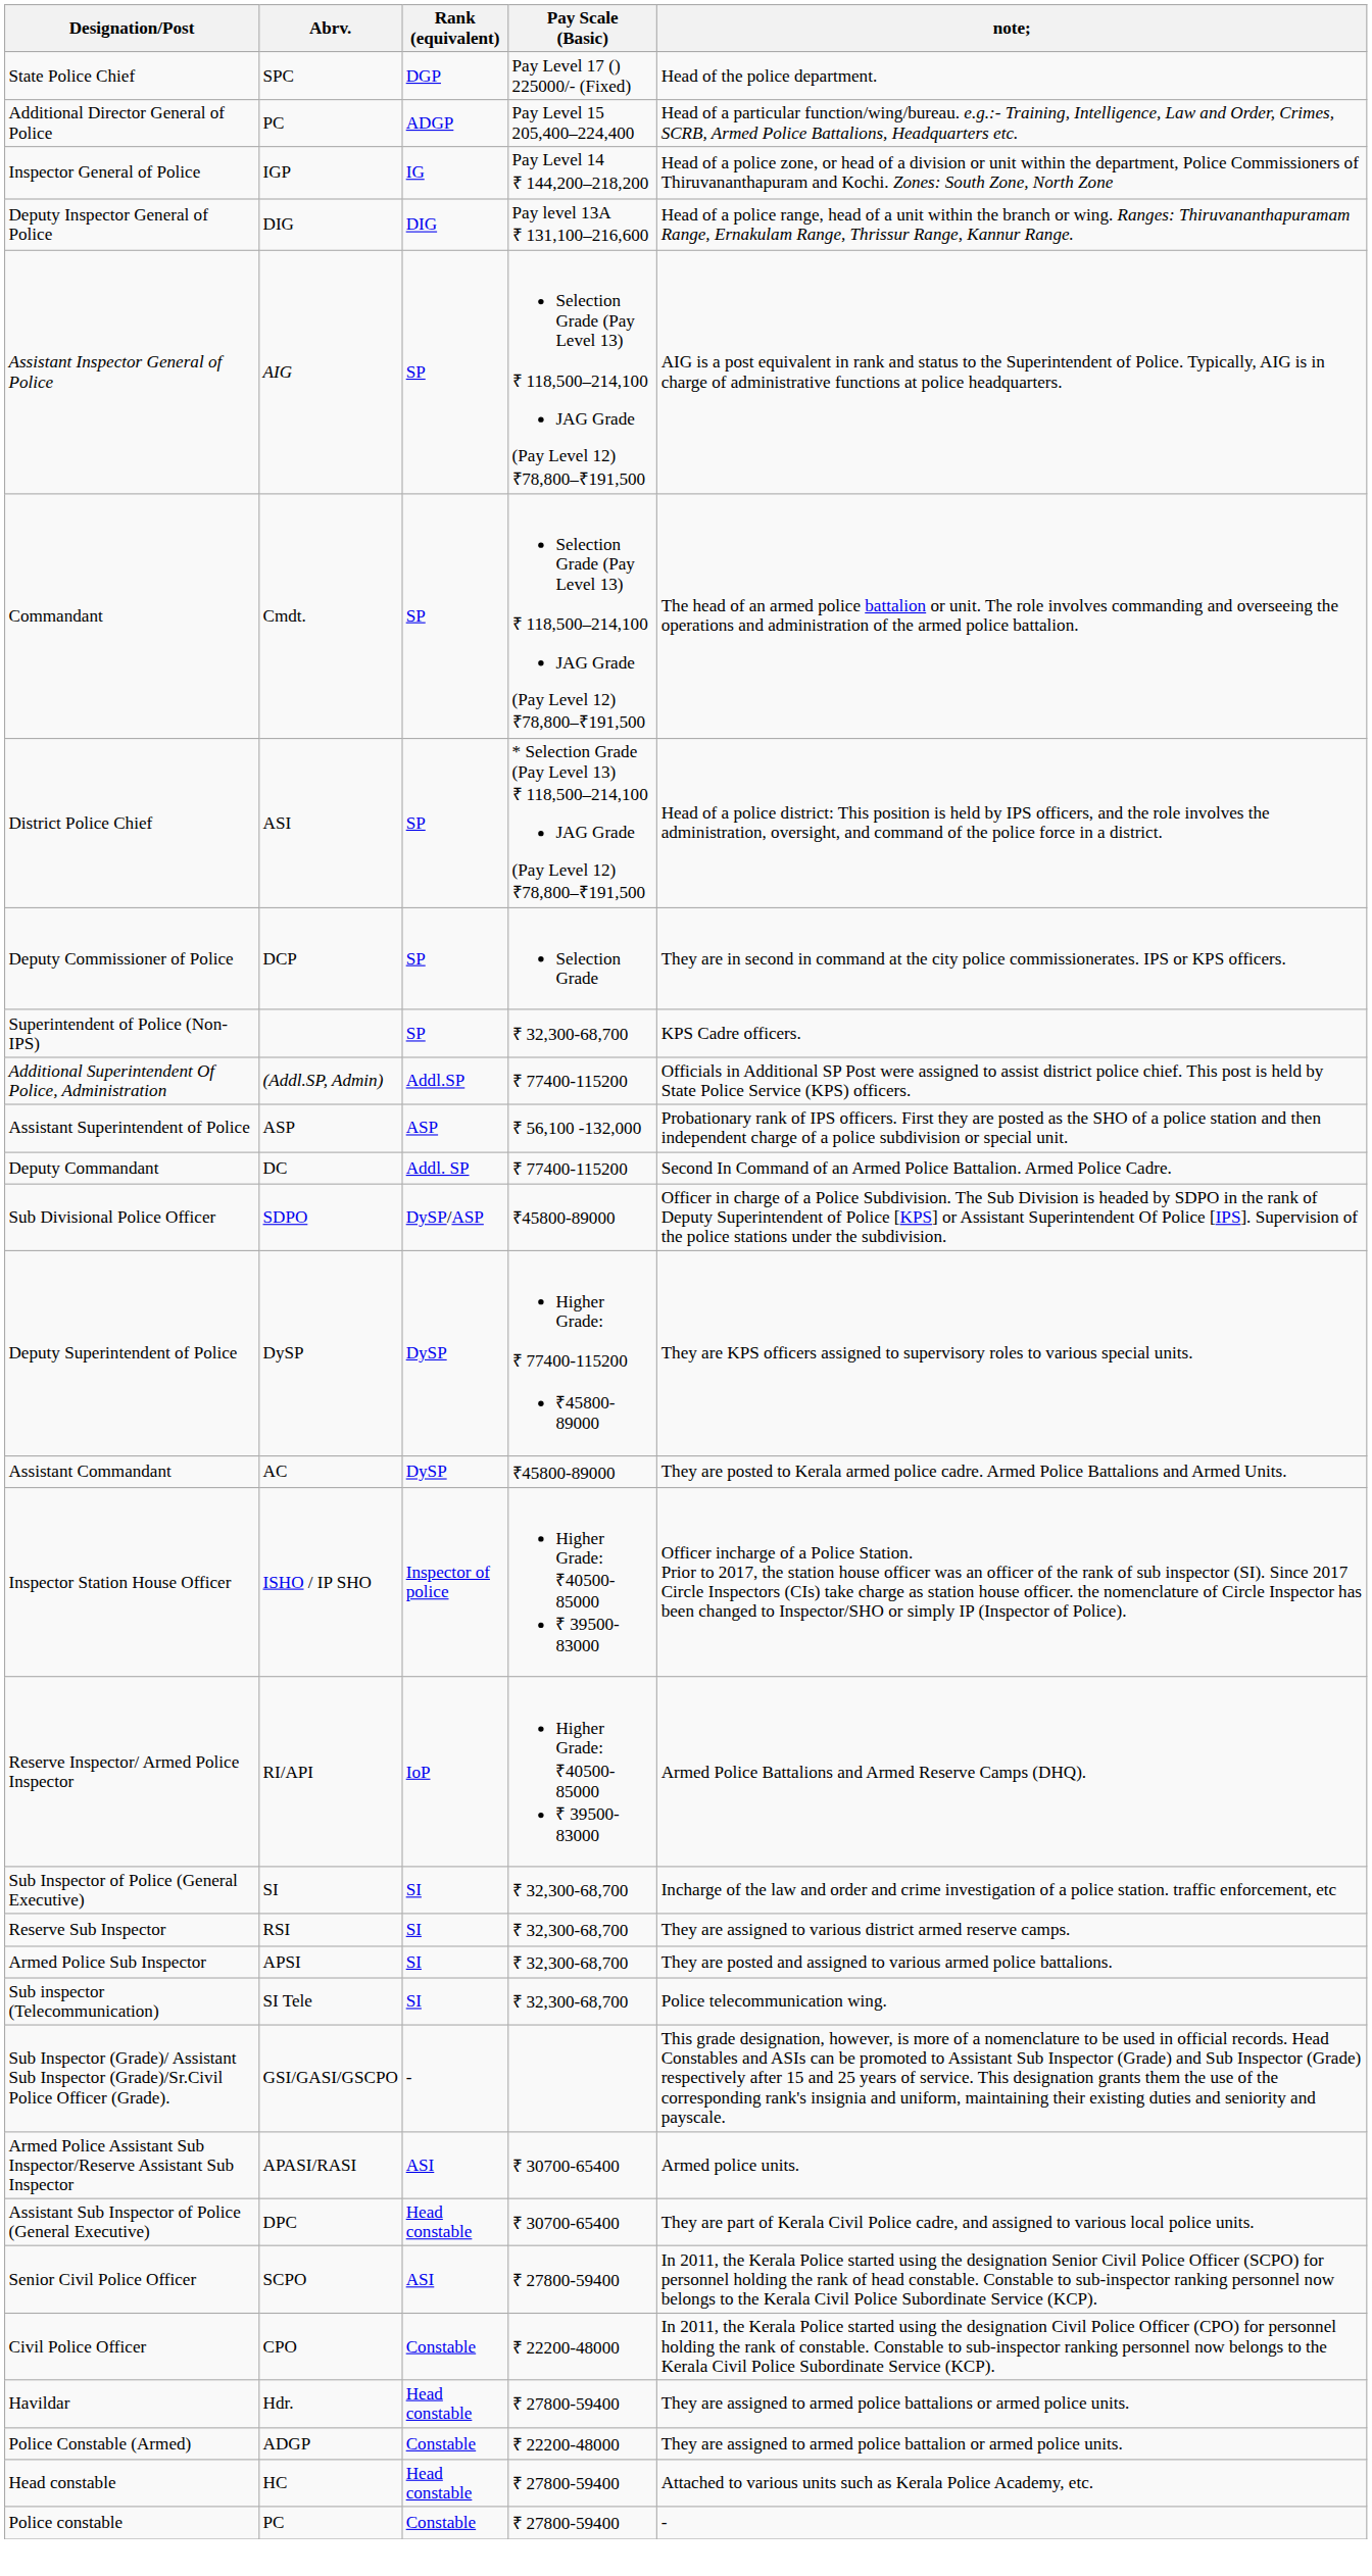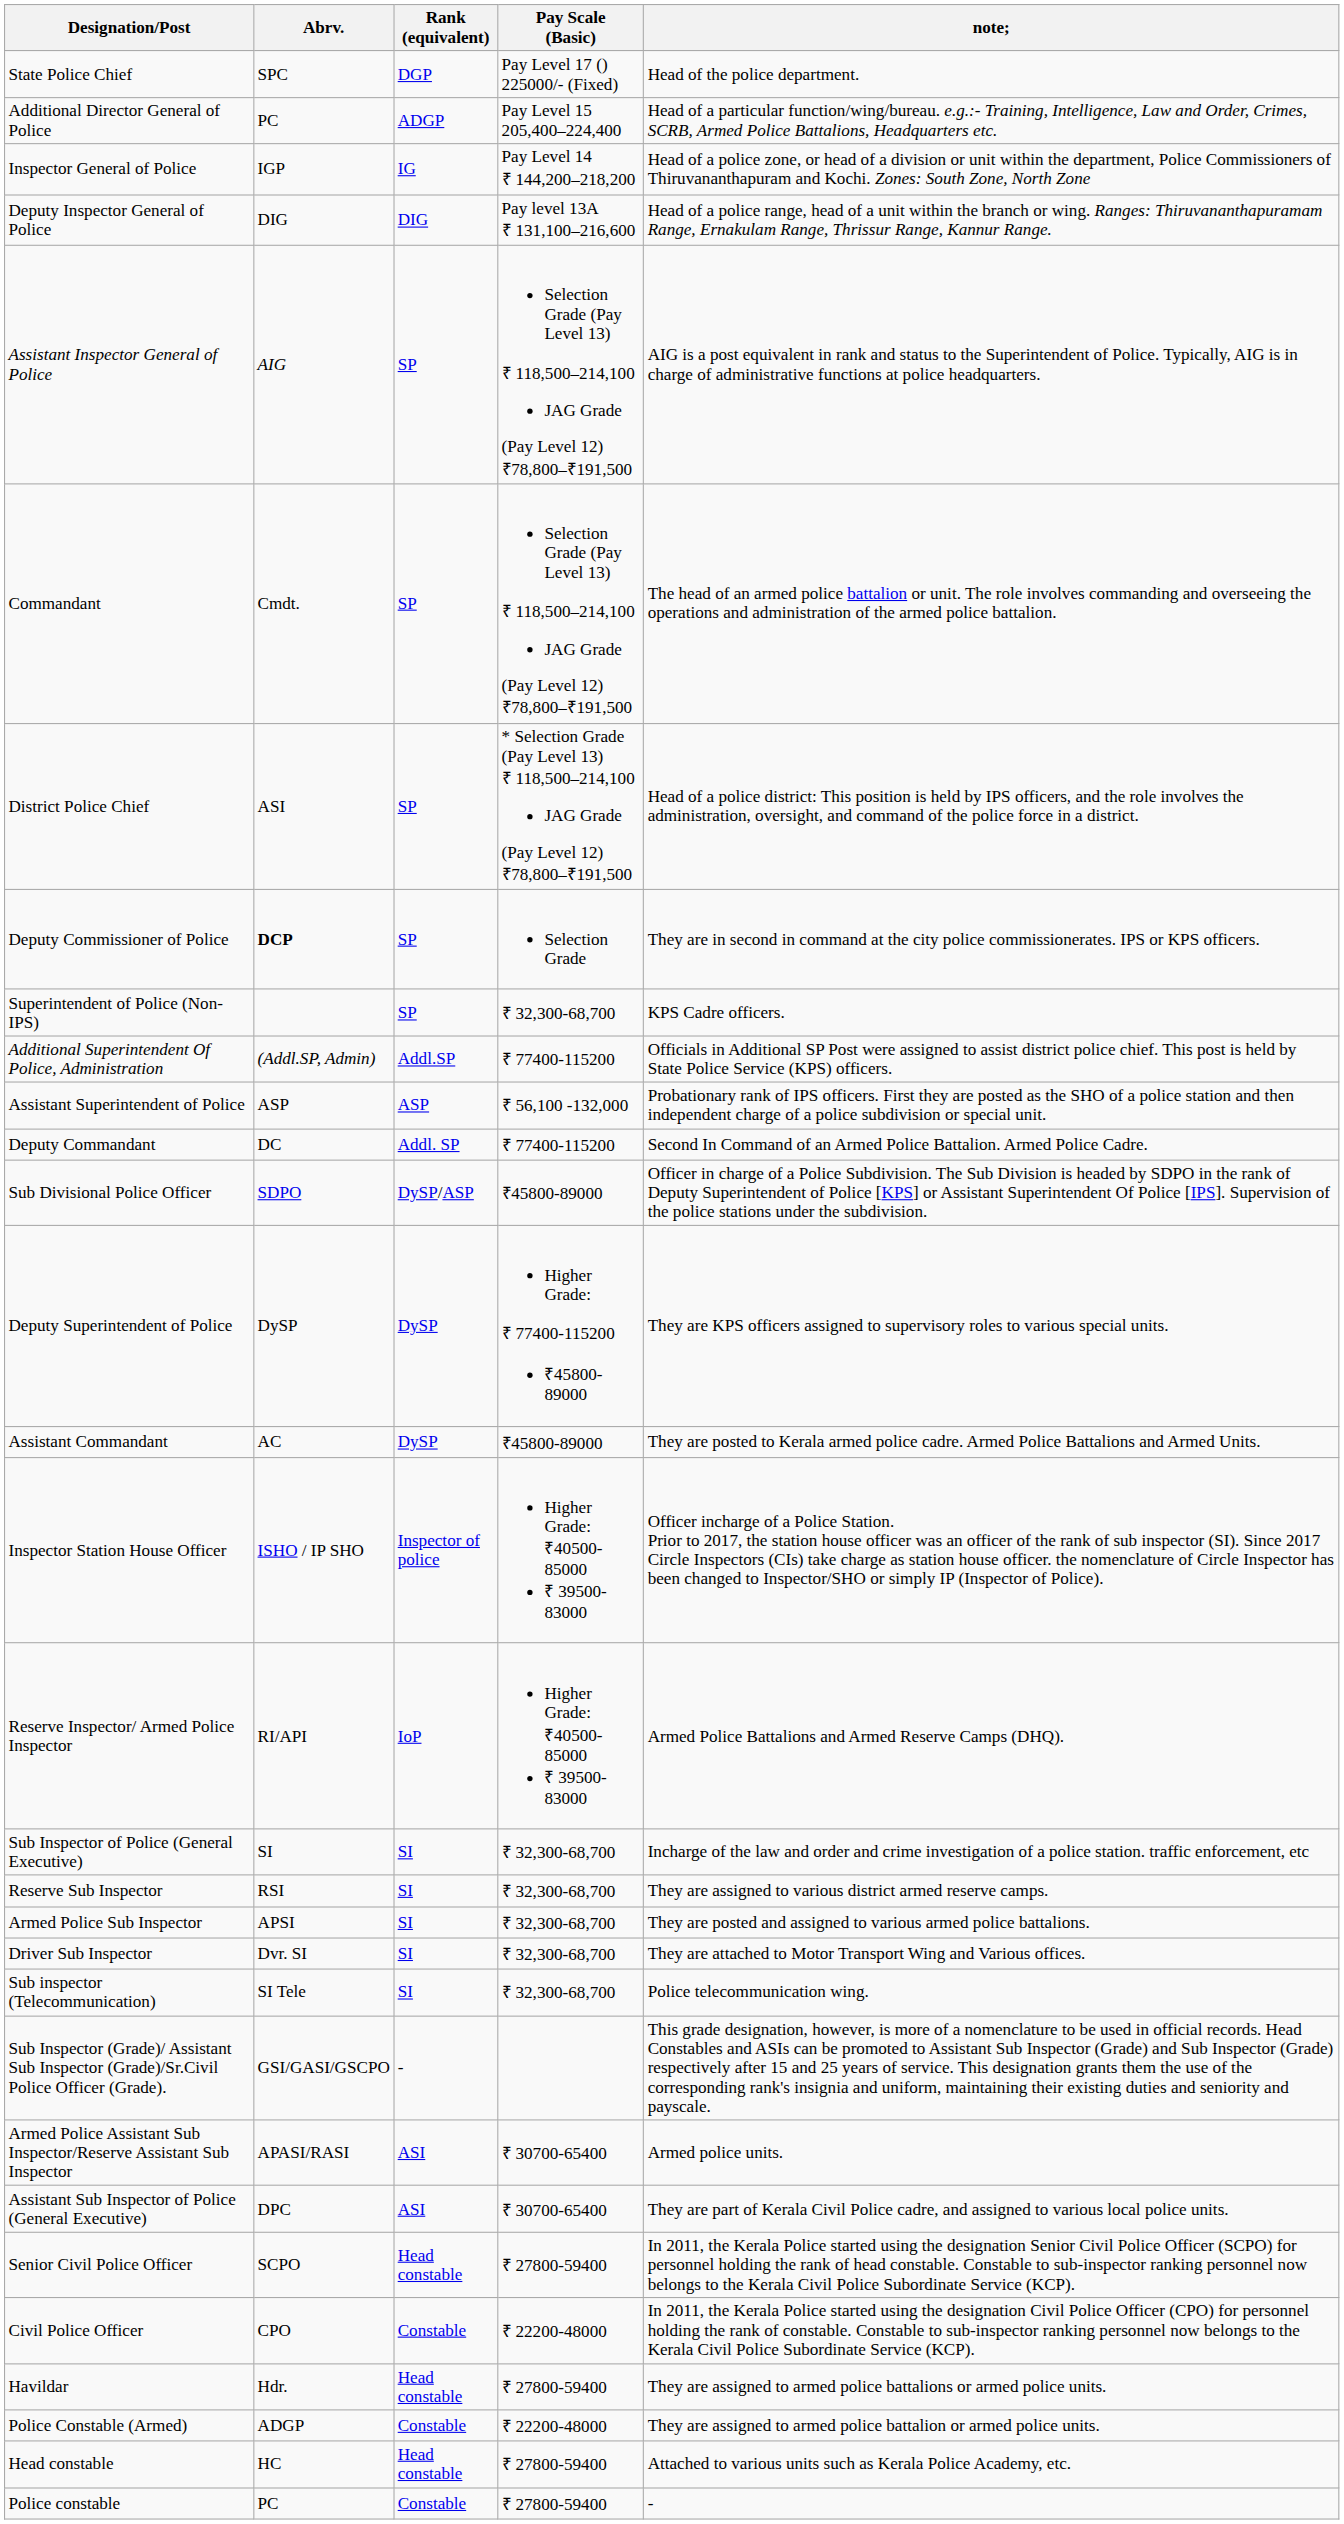 <table class="wikitable">
 <tr>
 <th>Designation/Post</th>
 <th>Abrv.</th>
 <th>Rank<br>(equivalent)</th>
 <th>Pay Scale<br>(Basic)<br></th>
 <th>note;</th>
 </tr>
 <tr>
 <td>State Police Chief</td>
 <td>SPC</td>
 <td><a href='#'>DGP</a></td>
 <td>Pay Level 17 ()<br>225000/- (Fixed)</td>
 <td>Head of the police department.</td>
 </tr>
 <tr>
 <td>Additional Director General of Police</td>
 <td>PC</td>
 <td><a href='#'>ADGP</a></td>
 <td>Pay Level 15<br>205,400–224,400 </td>
 <td>Head of a particular function/wing/bureau. <em>e.g.:- Training, Intelligence, Law and Order, Crimes, SCRB, Armed Police Battalions, Headquarters etc.</em></td>
 </tr>
 <tr>
 <td>Inspector General of Police</td>
 <td>IGP</td>
 <td><a href='#'>IG</a></td>
 <td>Pay Level 14<br>₹ 144,200–218,200 </td>
 <td>Head of a police zone, or head of a division or unit within the department, Police Commissioners of Thiruvananthapuram and Kochi. <em>Zones: South Zone, North Zone</em></td>
 </tr>
 <tr>
 <td>Deputy Inspector General of Police</td>
 <td>DIG</td>
 <td><a href='#'>DIG</a></td>
 <td>Pay level 13A<br>₹ 131,100–216,600 </td>
 <td>Head of a police range, head of a unit within the branch or wing. <em>Ranges: Thiruvananthapuramam Range, Ernakulam Range, Thrissur Range, Kannur Range.</em></td>
 </tr>
 <tr>
 <td><em>Assistant Inspector General of Police</em></td>
 <td><em>AIG</em></td>
 <td><a href='#'>SP</a></td>
 <td><br><ul><li>Selection Grade (Pay Level 13)</li></ul>₹ 118,500–214,100<ul><li>JAG Grade</li></ul>(Pay Level 12)<br>₹78,800–₹191,500</td>
 <td>AIG is a post equivalent in rank and status to the Superintendent of Police. Typically, AIG is in charge of administrative functions at police headquarters.</td>
 </tr>
 <tr>
 <td>Commandant</td>
 <td>Cmdt.</td>
 <td><a href='#'>SP</a></td>
 <td><br><ul><li>Selection Grade (Pay Level 13)</li></ul>₹ 118,500–214,100<ul><li>JAG Grade</li></ul>(Pay Level 12)<br>₹78,800–₹191,500</td>
 <td>The head of an armed police <a href='#'>battalion</a> or unit. The role involves commanding and overseeing the operations and administration of the armed police battalion.</td>
 </tr>
 <tr>
 <td>District Police Chief</td>
 <td>ASI</td>
 <td><a href='#'>SP</a></td>
 <td>* Selection Grade (Pay Level 13)<br>₹ 118,500–214,100<ul><li>JAG Grade</li></ul>(Pay Level 12)<br>₹78,800–₹191,500</td>
 <td>Head of a police district: This position is held by IPS officers, and the role involves the administration, oversight, and command of the police force in a district.</td>
 </tr>
 <tr>
 <td>Deputy Commissioner of Police</td>
-<td>DCP</td>
+<td><strong>DCP</strong></td>
 <td><a href='#'>SP</a></td>
 <td><br><ul><li>Selection Grade</li></ul></td>
 <td>They are in second in command at the city police commissionerates. IPS or KPS officers.</td>
 </tr>
 <tr>
 <td>Superintendent of Police (Non-IPS)</td>
 <td></td>
 <td><a href='#'>SP</a></td>
 <td>₹ 32,300-68,700</td>
 <td>KPS Cadre officers.</td>
 </tr>
 <tr>
 <td><em>Additional Superintendent Of Police, Administration</em></td>
 <td><em>(Addl.SP, Admin)</em></td>
 <td><a href='#'>Addl.SP</a></td>
 <td>₹ 77400-115200</td>
 <td>Officials in Additional SP Post were assigned to assist district police chief. This post is held by State Police Service (KPS) officers.</td>
 </tr>
 <tr>
 <td>Assistant Superintendent of Police</td>
 <td>ASP</td>
 <td><a href='#'>ASP</a></td>
 <td>₹ 56,100 -132,000</td>
 <td>Probationary rank of IPS officers. First they are posted as the SHO of a police station and then independent charge of a police subdivision or special unit.</td>
 </tr>
 <tr>
 <td>Deputy Commandant</td>
 <td>DC</td>
 <td><a href='#'>Addl. SP</a></td>
 <td>₹ 77400-115200</td>
 <td>Second In Command of an Armed Police Battalion. Armed Police Cadre.</td>
 </tr>
 <tr>
 <td>Sub Divisional Police Officer</td>
 <td><a href='#'>SDPO</a></td>
 <td><a href='#'>DySP</a>/<a href='#'>ASP</a></td>
 <td>₹45800-89000</td>
 <td>Officer in charge of a Police Subdivision. The Sub Division is headed by SDPO in the rank of Deputy Superintendent of Police [<a href='#'>KPS</a>] or Assistant Superintendent Of Police [<a href='#'>IPS</a>]. Supervision of the police stations under the subdivision.</td>
 </tr>
 <tr>
 <td>Deputy Superintendent of Police</td>
 <td>DySP</td>
 <td><a href='#'>DySP</a></td>
 <td><br><ul><li>Higher Grade:</li></ul>₹ 77400-115200<ul><li>₹45800-89000</li></ul></td>
 <td>They are KPS officers assigned to supervisory roles to various special units.</td>
 </tr>
 <tr>
 <td>Assistant Commandant</td>
 <td>AC</td>
 <td><a href='#'>DySP</a></td>
 <td>₹45800-89000</td>
 <td>They are posted to Kerala armed police cadre. Armed Police Battalions and Armed Units.</td>
 </tr>
 <tr>
 <td>Inspector Station House Officer</td>
 <td><a href='#'>ISHO</a> / IP SHO</td>
 <td><a href='#'>Inspector of police</a></td>
 <td><br><ul><li>Higher Grade: ₹40500-85000</li><li>₹ 39500-83000</li></ul></td>
 <td>Officer incharge of a Police Station.<br>Prior to 2017, the station house officer was an officer of the rank of sub inspector (SI). Since 2017 Circle Inspectors (CIs) take charge as station house officer. the nomenclature of Circle Inspector has been changed to Inspector/SHO or simply IP (Inspector of Police).</td>
 </tr>
 <tr>
 <td>Reserve Inspector/ Armed Police Inspector</td>
 <td>RI/API</td>
 <td><a href='#'>IoP</a></td>
 <td><br><ul><li>Higher Grade:₹40500-85000</li><li>₹ 39500-83000</li></ul></td>
 <td>Armed Police Battalions and Armed Reserve Camps (DHQ).</td>
 </tr>
 <tr>
 <td>Sub Inspector of Police (General Executive)</td>
 <td>SI</td>
 <td><a href='#'>SI</a></td>
 <td>₹ 32,300-68,700</td>
 <td>Incharge of the law and order and crime investigation of a police station. traffic enforcement, etc</td>
 </tr>
 <tr>
 <td>Reserve Sub Inspector</td>
 <td>RSI</td>
 <td><a href='#'>SI</a></td>
 <td>₹ 32,300-68,700</td>
 <td>They are assigned to various district armed reserve camps.</td>
 </tr>
 <tr>
 <td>Armed Police Sub Inspector</td>
 <td>APSI</td>
 <td><a href='#'>SI</a></td>
 <td>₹ 32,300-68,700</td>
 <td>They are posted and assigned to various armed police battalions.</td>
 </tr>
 <tr>
+<td>Driver Sub Inspector</td>
+<td>Dvr. SI</td>
+<td><a href='#'>SI</a></td>
+<td>₹ 32,300-68,700</td>
+<td>They are attached to Motor Transport Wing and Various offices.</td>
+</tr>
+<tr>
 <td>Sub inspector (Telecommunication)</td>
 <td>SI Tele</td>
 <td><a href='#'>SI</a></td>
 <td>₹ 32,300-68,700</td>
 <td>Police telecommunication wing.</td>
 </tr>
 <tr>
 <td>Sub Inspector (Grade)/ Assistant Sub Inspector (Grade)/Sr.Civil Police Officer (Grade).</td>
 <td>GSI/GASI/GSCPO</td>
 <td>-</td>
 <td></td>
 <td>This grade designation, however, is more of a nomenclature to be used in official records.  Head Constables and ASIs can be promoted to Assistant Sub Inspector (Grade) and Sub Inspector (Grade) respectively after 15 and 25 years of service. This designation grants them the use of the corresponding rank's insignia and uniform, maintaining their existing duties and seniority and payscale.</td>
 </tr>
 <tr>
 <td>Armed Police Assistant Sub Inspector/Reserve Assistant Sub Inspector</td>
 <td>APASI/RASI</td>
 <td><a href='#'>ASI</a></td>
 <td>₹ 30700-65400</td>
 <td>Armed police units.</td>
 </tr>
 <tr>
 <td>Assistant Sub Inspector of Police (General Executive)</td>
 <td>DPC</td>
-<td><a href='#'>Head constable</a></td>
+<td><a href='#'>ASI</a></td>
 <td>₹ 30700-65400</td>
 <td>They are part of Kerala Civil Police cadre, and assigned to various local police units.</td>
 </tr>
 <tr>
 <td>Senior Civil Police Officer</td>
 <td>SCPO</td>
-<td><a href='#'>ASI</a></td>
+<td><a href='#'>Head constable</a></td>
 <td>₹ 27800-59400</td>
 <td>In 2011, the Kerala Police started using the designation Senior Civil Police Officer (SCPO) for personnel holding the rank of head constable. Constable to sub-inspector ranking personnel now belongs to the Kerala Civil Police Subordinate Service (KCP).</td>
 </tr>
 <tr>
 <td>Civil Police Officer</td>
 <td>CPO</td>
 <td><a href='#'>Constable</a></td>
 <td>₹ 22200-48000</td>
 <td>In 2011, the Kerala Police started using the designation Civil Police Officer (CPO) for personnel holding the rank of constable. Constable to sub-inspector ranking personnel now belongs to the Kerala Civil Police Subordinate Service (KCP).</td>
 </tr>
 <tr>
 <td>Havildar</td>
 <td>Hdr.</td>
 <td><a href='#'>Head constable</a></td>
 <td>₹ 27800-59400</td>
 <td>They are assigned to armed police battalions or armed police units.</td>
 </tr>
 <tr>
 <td>Police Constable (Armed)</td>
 <td>ADGP</td>
 <td><a href='#'>Constable</a></td>
 <td>₹ 22200-48000</td>
 <td>They are assigned to armed police battalion or armed police units.</td>
 </tr>
 <tr>
 <td>Head constable</td>
 <td>HC</td>
 <td><a href='#'>Head constable</a></td>
 <td>₹ 27800-59400</td>
 <td>Attached to various units such as Kerala Police Academy, etc.</td>
 </tr>
 <tr>
 <td>Police constable</td>
 <td>PC</td>
 <td><a href='#'>Constable</a></td>
 <td>₹ 27800-59400</td>
 <td>-</td>
 </tr>
 </table>
